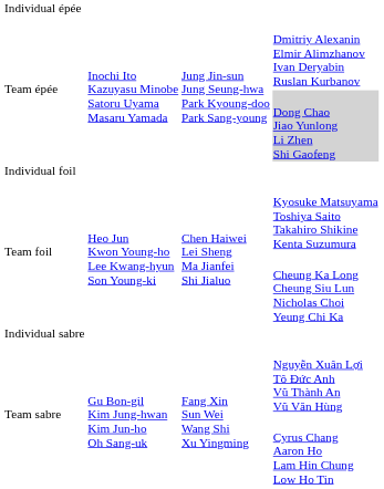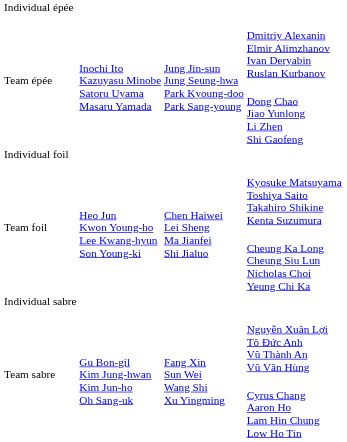 <table>
 <tr>
 <td rowspan=2>Individual épée</td>
 <td rowspan=2></td>
 <td rowspan=2></td>
 <td></td>
 </tr>
 <tr>
 <td></td>
 </tr>
 <tr>
 <td rowspan=2>Team épée</td>
 <td rowspan=2><br><a href='#'>Inochi Ito</a><br><a href='#'>Kazuyasu Minobe</a><br><a href='#'>Satoru Uyama</a><br><a href='#'>Masaru Yamada</a></td>
 <td rowspan=2><br><a href='#'>Jung Jin-sun</a><br><a href='#'>Jung Seung-hwa</a><br><a href='#'>Park Kyoung-doo</a><br><a href='#'>Park Sang-young</a></td>
 <td><br><a href='#'>Dmitriy Alexanin</a><br><a href='#'>Elmir Alimzhanov</a><br><a href='#'>Ivan Deryabin</a><br><a href='#'>Ruslan Kurbanov</a></td>
 </tr>
 <tr>
-<td style="background: lightgrey;"><br><a href='#'>Dong Chao</a><br><a href='#'>Jiao Yunlong</a><br><a href='#'>Li Zhen</a><br><a href='#'>Shi Gaofeng</a></td>
+<td><br><a href='#'>Dong Chao</a><br><a href='#'>Jiao Yunlong</a><br><a href='#'>Li Zhen</a><br><a href='#'>Shi Gaofeng</a></td>
 </tr>
 <tr>
 <td rowspan=2>Individual foil</td>
 <td rowspan=2></td>
 <td rowspan=2></td>
 <td></td>
 </tr>
 <tr>
 <td></td>
 </tr>
 <tr>
 <td rowspan=2>Team foil</td>
 <td rowspan=2><br><a href='#'>Heo Jun</a><br><a href='#'>Kwon Young-ho</a><br><a href='#'>Lee Kwang-hyun</a><br><a href='#'>Son Young-ki</a></td>
 <td rowspan=2><br><a href='#'>Chen Haiwei</a><br><a href='#'>Lei Sheng</a><br><a href='#'>Ma Jianfei</a><br><a href='#'>Shi Jialuo</a></td>
 <td><br><a href='#'>Kyosuke Matsuyama</a><br><a href='#'>Toshiya Saito</a><br><a href='#'>Takahiro Shikine</a><br><a href='#'>Kenta Suzumura</a></td>
 </tr>
 <tr>
 <td><br><a href='#'>Cheung Ka Long</a><br><a href='#'>Cheung Siu Lun</a><br><a href='#'>Nicholas Choi</a><br><a href='#'>Yeung Chi Ka</a></td>
 </tr>
 <tr>
 <td rowspan=2>Individual sabre</td>
 <td rowspan=2></td>
 <td rowspan=2></td>
 <td></td>
 </tr>
 <tr>
 <td></td>
 </tr>
 <tr>
 <td rowspan=2>Team sabre</td>
 <td rowspan=2><br><a href='#'>Gu Bon-gil</a><br><a href='#'>Kim Jung-hwan</a><br><a href='#'>Kim Jun-ho</a><br><a href='#'>Oh Sang-uk</a></td>
 <td rowspan=2><br><a href='#'>Fang Xin</a><br><a href='#'>Sun Wei</a><br><a href='#'>Wang Shi</a><br><a href='#'>Xu Yingming</a></td>
 <td><br><a href='#'>Nguyễn Xuân Lợi</a><br><a href='#'>Tô Đức Anh</a><br><a href='#'>Vũ Thành An</a><br><a href='#'>Vũ Văn Hùng</a></td>
 </tr>
 <tr>
 <td><br><a href='#'>Cyrus Chang</a><br><a href='#'>Aaron Ho</a><br><a href='#'>Lam Hin Chung</a><br><a href='#'>Low Ho Tin</a></td>
 </tr>
 </table>
